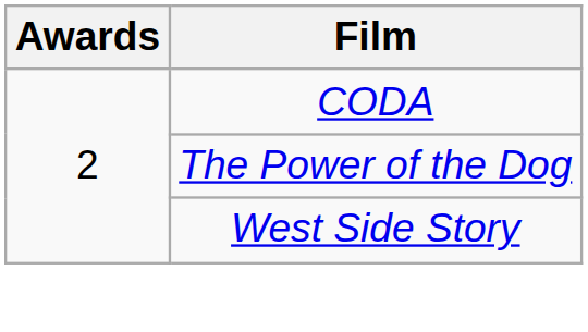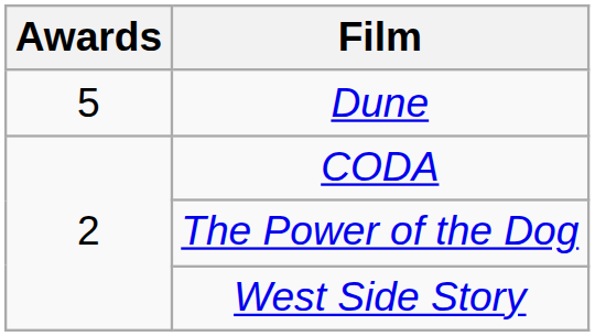 <table class="wikitable" style="text-align:center;">
 <tr>
 <th style="background:">Awards</th>
 <th style="background:">Film</th>
+</tr>
+<tr>
+<td>5</td>
+<td><em><a href='#'>Dune</a></em></td>
 </tr>
 <tr>
 <td rowspan="3">2</td>
 <td><em><a href='#'>CODA</a></em></td>
 </tr>
 <tr>
 <td><em><a href='#'>The Power of the Dog</a></em></td>
 </tr>
 <tr>
 <td><em><a href='#'>West Side Story</a></em></td>
 </tr>
 </table>
